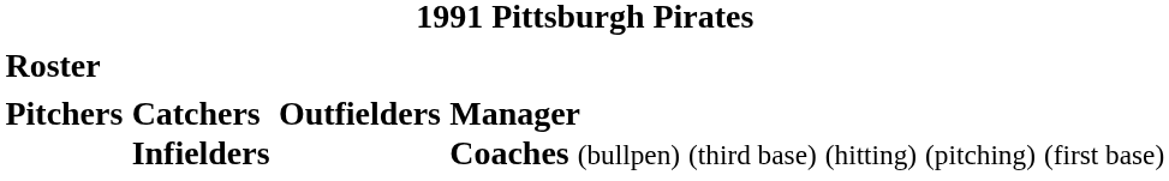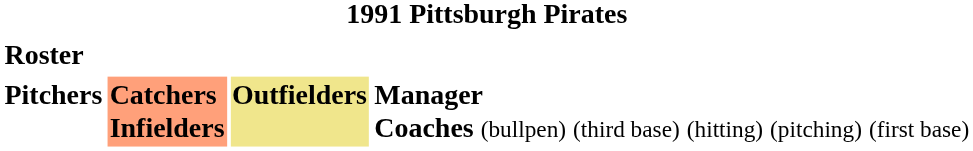 <table class="toccolours" style="font-size: 95%;">
 <tr>
 <th colspan="10">1991 Pittsburgh Pirates</th>
 </tr>
 <tr>
 <td colspan="10"><strong>Roster</strong></td>
 </tr>
 <tr>
 <td valign="top"><strong>Pitchers</strong><br>                </td>
-<td valign="top"><strong>Catchers</strong><br>    <strong>Infielders</strong>                </td>
-<td valign="top"><strong>Outfielders</strong><br>            </td>
+<td valign="top" style="background: lightsalmon;"><strong>Catchers</strong><br>    <strong>Infielders</strong>                </td>
+<td valign="top" style="background: khaki;"><strong>Outfielders</strong><br>            </td>
 <td valign="top"><strong>Manager</strong><br> <strong>Coaches</strong>  <small>(bullpen)</small>  <small>(third base)</small>  <small>(hitting)</small>  <small>(pitching)</small>  <small>(first base)</small></td>
 </tr>
 </table>
